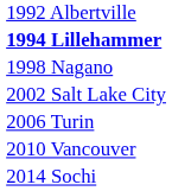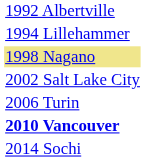 <table>
 <tr>
 <td><a href='#'>1992 Albertville</a><br></td>
 <td></td>
 <td></td>
 <td></td>
 </tr>
 <tr>
-<td><strong><a href='#'>1994 Lillehammer</a><br></strong></td>
+<td><a href='#'>1994 Lillehammer</a><br></td>
 <td></td>
 <td></td>
 <td></td>
 </tr>
 <tr>
-<td><a href='#'>1998 Nagano</a><br></td>
+<td style="background: khaki;"><a href='#'>1998 Nagano</a><br></td>
 <td></td>
 <td></td>
 <td></td>
 </tr>
 <tr valign="top">
 <td><a href='#'>2002 Salt Lake City</a><br></td>
 <td></td>
 <td></td>
 <td></td>
 </tr>
 <tr>
 <td><a href='#'>2006 Turin</a><br></td>
 <td></td>
 <td></td>
 <td></td>
 </tr>
 <tr>
-<td><a href='#'>2010 Vancouver</a><br></td>
+<td><strong><a href='#'>2010 Vancouver</a><br></strong></td>
 <td></td>
 <td></td>
 <td></td>
 </tr>
 <tr>
 <td><a href='#'>2014 Sochi</a><br></td>
 <td></td>
 <td></td>
 <td></td>
 </tr>
 <tr valign="top">
 <td><br></td>
 <td></td>
 <td></td>
 <td></td>
 </tr>
 <tr valign="top">
 <td><br></td>
 <td></td>
 <td></td>
 <td></td>
 </tr>
 </table>
